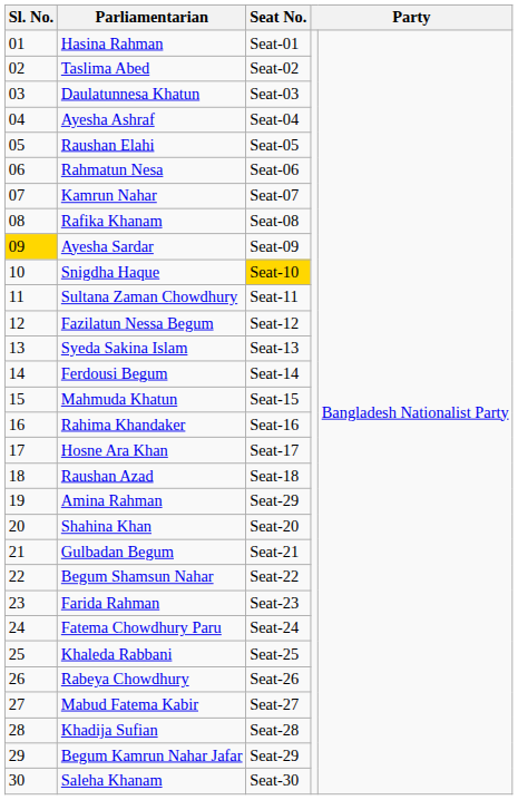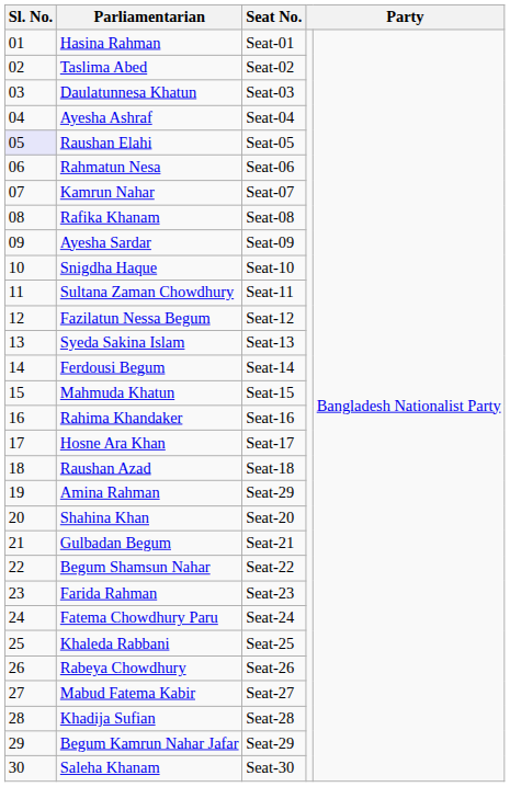 <table class="wikitable sortable">
 <tr>
 <th>Sl. No.</th>
 <th>Parliamentarian</th>
 <th>Seat No.</th>
 <th colspan="2">Party</th>
 </tr>
 <tr>
 <td>01</td>
 <td><a href='#'>Hasina Rahman</a></td>
 <td>Seat-01</td>
 <td rowspan="30" style="background-color:"></td>
 <td rowspan="30"><a href='#'>Bangladesh Nationalist Party</a></td>
 </tr>
 <tr>
 <td>02</td>
 <td><a href='#'>Taslima Abed</a></td>
 <td>Seat-02</td>
 </tr>
 <tr>
 <td>03</td>
 <td><a href='#'>Daulatunnesa Khatun</a></td>
 <td>Seat-03</td>
 </tr>
 <tr>
 <td>04</td>
 <td><a href='#'>Ayesha Ashraf</a></td>
 <td>Seat-04</td>
 </tr>
 <tr>
-<td>05</td>
+<td style="background: lavender;">05</td>
 <td><a href='#'>Raushan Elahi</a></td>
 <td>Seat-05</td>
 </tr>
 <tr>
 <td>06</td>
 <td><a href='#'>Rahmatun Nesa</a></td>
 <td>Seat-06</td>
 </tr>
 <tr>
 <td>07</td>
 <td><a href='#'>Kamrun Nahar</a></td>
 <td>Seat-07</td>
 </tr>
 <tr>
 <td>08</td>
 <td><a href='#'>Rafika Khanam</a></td>
 <td>Seat-08</td>
 </tr>
 <tr>
-<td style="background: gold;">09</td>
+<td>09</td>
 <td><a href='#'>Ayesha Sardar</a></td>
 <td>Seat-09</td>
 </tr>
 <tr>
 <td>10</td>
 <td><a href='#'>Snigdha Haque</a></td>
-<td style="background: gold;">Seat-10</td>
+<td>Seat-10</td>
 </tr>
 <tr>
 <td>11</td>
 <td><a href='#'>Sultana Zaman Chowdhury</a></td>
 <td>Seat-11</td>
 </tr>
 <tr>
 <td>12</td>
 <td><a href='#'>Fazilatun Nessa Begum</a></td>
 <td>Seat-12</td>
 </tr>
 <tr>
 <td>13</td>
 <td><a href='#'>Syeda Sakina Islam</a></td>
 <td>Seat-13</td>
 </tr>
 <tr>
 <td>14</td>
 <td><a href='#'>Ferdousi Begum</a></td>
 <td>Seat-14</td>
 </tr>
 <tr>
 <td>15</td>
 <td><a href='#'>Mahmuda Khatun</a></td>
 <td>Seat-15</td>
 </tr>
 <tr>
 <td>16</td>
 <td><a href='#'>Rahima Khandaker</a></td>
 <td>Seat-16</td>
 </tr>
 <tr>
 <td>17</td>
 <td><a href='#'>Hosne Ara Khan</a></td>
 <td>Seat-17</td>
 </tr>
 <tr>
 <td>18</td>
 <td><a href='#'>Raushan Azad</a></td>
 <td>Seat-18</td>
 </tr>
 <tr>
 <td>19</td>
 <td><a href='#'>Amina Rahman</a></td>
 <td>Seat-29</td>
 </tr>
 <tr>
 <td>20</td>
 <td><a href='#'>Shahina Khan</a></td>
 <td>Seat-20</td>
 </tr>
 <tr>
 <td>21</td>
 <td><a href='#'>Gulbadan Begum</a></td>
 <td>Seat-21</td>
 </tr>
 <tr>
 <td>22</td>
 <td><a href='#'>Begum Shamsun Nahar</a></td>
 <td>Seat-22</td>
 </tr>
 <tr>
 <td>23</td>
 <td><a href='#'>Farida Rahman</a></td>
 <td>Seat-23</td>
 </tr>
 <tr>
 <td>24</td>
 <td><a href='#'>Fatema Chowdhury Paru</a></td>
 <td>Seat-24</td>
 </tr>
 <tr>
 <td>25</td>
 <td><a href='#'>Khaleda Rabbani</a></td>
 <td>Seat-25</td>
 </tr>
 <tr>
 <td>26</td>
 <td><a href='#'>Rabeya Chowdhury</a></td>
 <td>Seat-26</td>
 </tr>
 <tr>
 <td>27</td>
 <td><a href='#'>Mabud Fatema Kabir</a></td>
 <td>Seat-27</td>
 </tr>
 <tr>
 <td>28</td>
 <td><a href='#'>Khadija Sufian</a></td>
 <td>Seat-28</td>
 </tr>
 <tr>
 <td>29</td>
 <td><a href='#'>Begum Kamrun Nahar Jafar</a></td>
 <td>Seat-29</td>
 </tr>
 <tr>
 <td>30</td>
 <td><a href='#'>Saleha Khanam</a></td>
 <td>Seat-30</td>
 </tr>
 </table>
